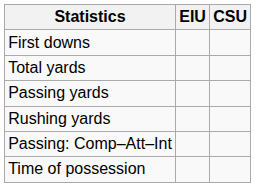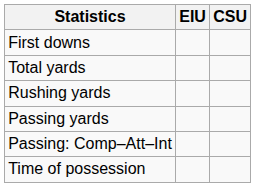 <table class="wikitable" style="float: left;">
 <tr>
 <th>Statistics</th>
 <th>EIU</th>
 <th>CSU</th>
 </tr>
 <tr>
 <td>First downs</td>
 <td></td>
 <td></td>
 </tr>
 <tr>
 <td>Total yards</td>
 <td></td>
 <td></td>
 </tr>
 <tr>
-<td>Passing yards</td>
+<td>Rushing yards</td>
 <td></td>
 <td></td>
 </tr>
 <tr>
-<td>Rushing yards</td>
+<td>Passing yards</td>
 <td></td>
 <td></td>
 </tr>
 <tr>
 <td>Passing: Comp–Att–Int</td>
 <td></td>
 <td></td>
 </tr>
 <tr>
 <td>Time of possession</td>
 <td></td>
 <td></td>
 </tr>
 <tr>
 </tr>
 </table>
